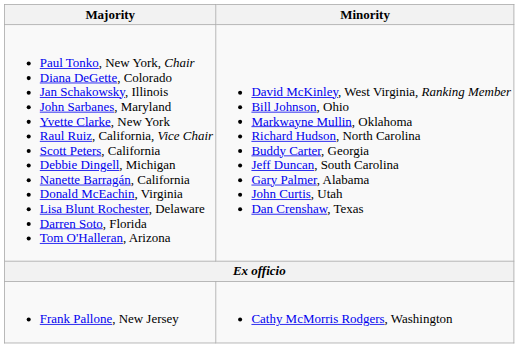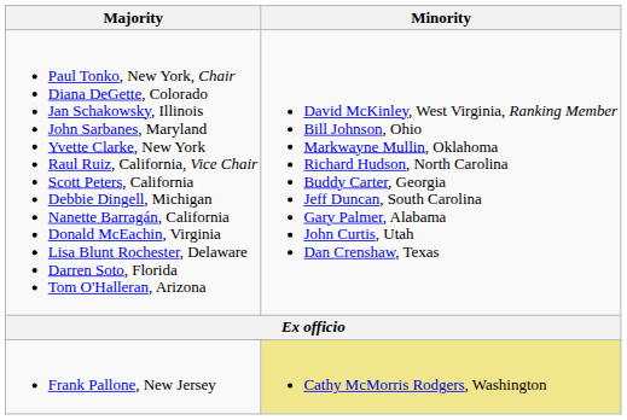 <table class=wikitable>
 <tr>
 <th>Majority</th>
 <th>Minority</th>
 </tr>
 <tr>
 <td><br><ul><li><a href='#'>Paul Tonko</a>, New York, <em>Chair</em></li><li><a href='#'>Diana DeGette</a>, Colorado</li><li><a href='#'>Jan Schakowsky</a>, Illinois</li><li><a href='#'>John Sarbanes</a>, Maryland</li><li><a href='#'>Yvette Clarke</a>, New York</li><li><a href='#'>Raul Ruiz</a>, California, <em>Vice Chair</em></li><li><a href='#'>Scott Peters</a>, California</li><li><a href='#'>Debbie Dingell</a>, Michigan</li><li><a href='#'>Nanette Barragán</a>, California</li><li><a href='#'>Donald McEachin</a>, Virginia</li><li><a href='#'>Lisa Blunt Rochester</a>, Delaware</li><li><a href='#'>Darren Soto</a>, Florida</li><li><a href='#'>Tom O'Halleran</a>, Arizona</li></ul></td>
 <td><br><ul><li><a href='#'>David McKinley</a>, West Virginia, <em>Ranking Member</em></li><li><a href='#'>Bill Johnson</a>, Ohio</li><li><a href='#'>Markwayne Mullin</a>, Oklahoma</li><li><a href='#'>Richard Hudson</a>, North Carolina</li><li><a href='#'>Buddy Carter</a>, Georgia</li><li><a href='#'>Jeff Duncan</a>, South Carolina</li><li><a href='#'>Gary Palmer</a>, Alabama</li><li><a href='#'>John Curtis</a>, Utah</li><li><a href='#'>Dan Crenshaw</a>, Texas</li></ul></td>
 </tr>
 <tr>
 <th colspan=2><em>Ex officio</em></th>
 </tr>
 <tr>
 <td><br><ul><li><a href='#'>Frank Pallone</a>, New Jersey</li></ul></td>
-<td><br><ul><li><a href='#'>Cathy McMorris Rodgers</a>, Washington</li></ul></td>
+<td style="background: khaki;"><br><ul><li><a href='#'>Cathy McMorris Rodgers</a>, Washington</li></ul></td>
 </tr>
 </table>
